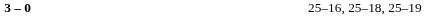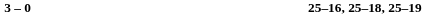 <table width=100% cellspacing=1>
 <tr>
 <th width=20%></th>
 <th width=12%></th>
 <th width=20%></th>
 <th width=33%></th>
 <td></td>
 </tr>
 <tr style=font-size:95%>
 <td align=right><strong></strong></td>
 <td align=center><strong>3 – 0</strong></td>
 <td></td>
-<td>25–16, 25–18, 25–19</td>
+<td><strong>25–16, 25–18, 25–19</strong></td>
 </tr>
 </table>
